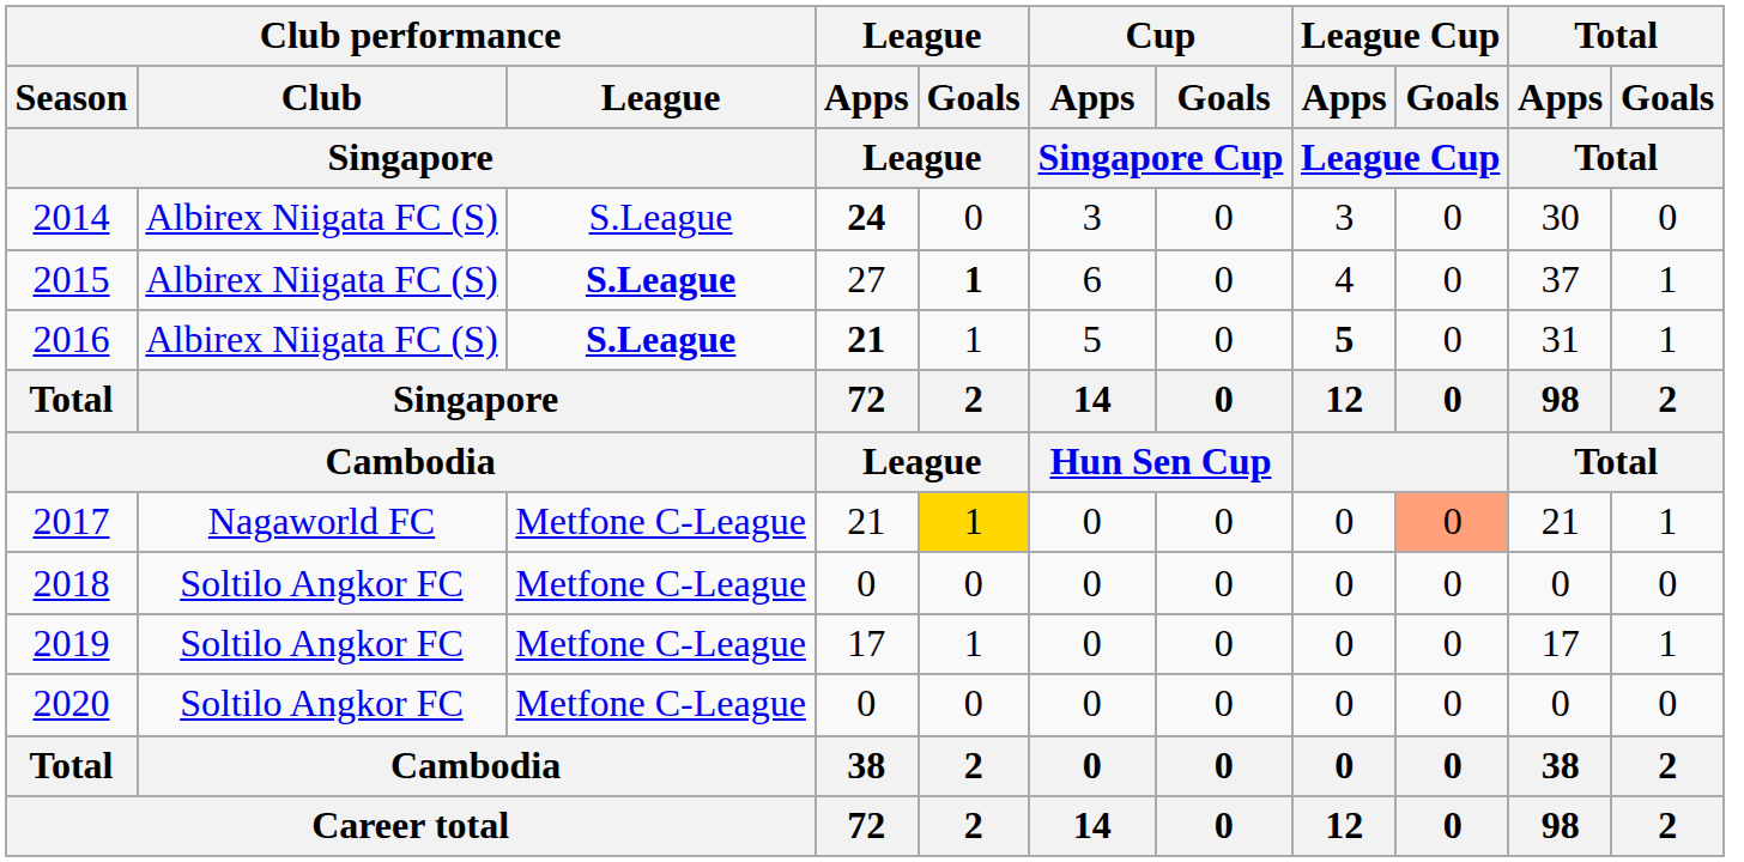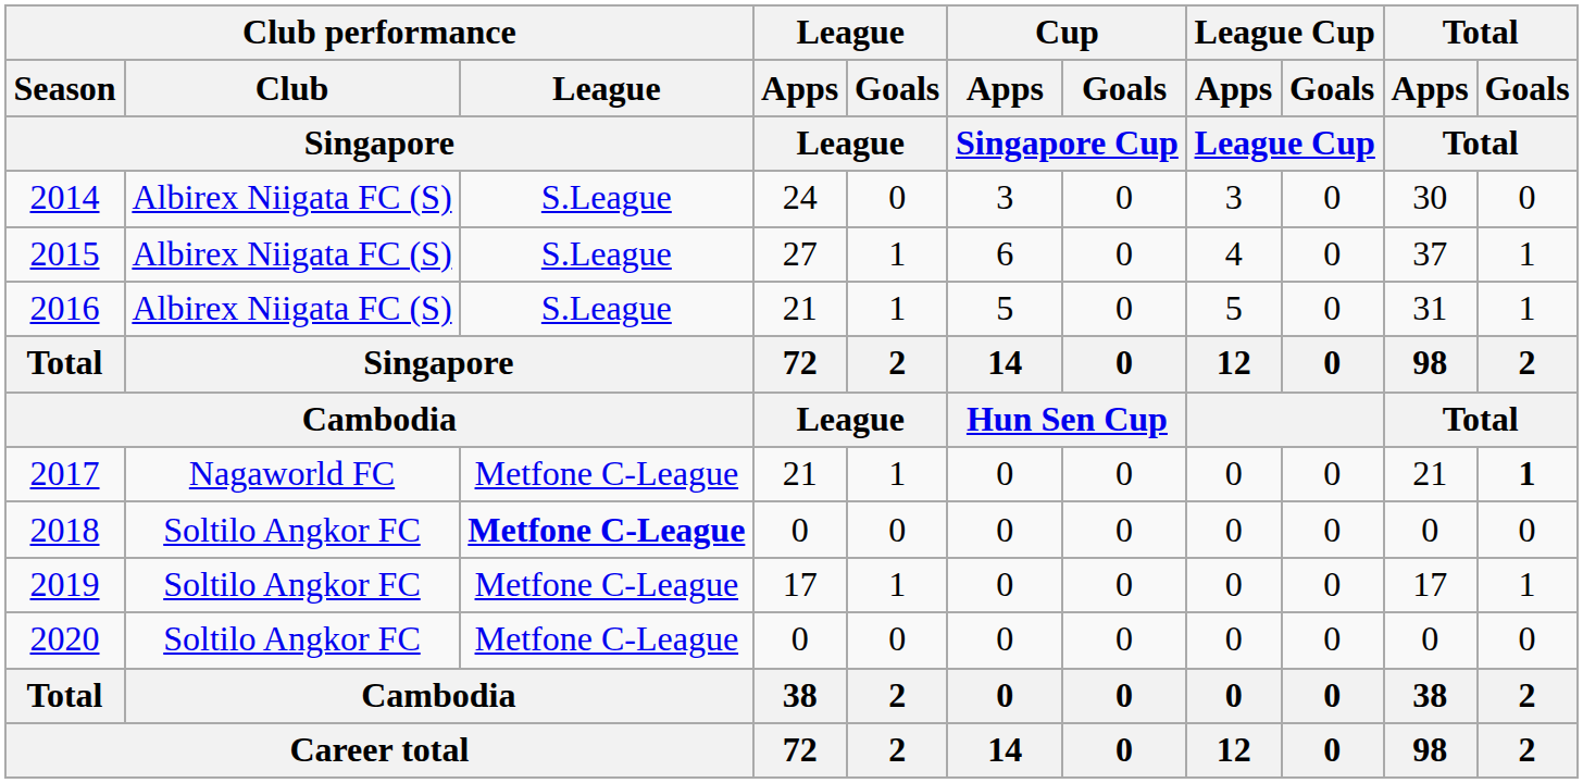 <table class="wikitable" style="text-align:center">
 <tr>
 <th colspan=3>Club performance</th>
 <th colspan=2>League</th>
 <th colspan=2>Cup</th>
 <th colspan=2>League Cup</th>
 <th colspan=2>Total</th>
 </tr>
 <tr>
 <th>Season</th>
 <th>Club</th>
 <th>League</th>
 <th>Apps</th>
 <th>Goals</th>
 <th>Apps</th>
 <th>Goals</th>
 <th>Apps</th>
 <th>Goals</th>
 <th>Apps</th>
 <th>Goals</th>
 </tr>
 <tr>
 <th colspan=3>Singapore</th>
 <th colspan=2>League</th>
 <th colspan=2><a href='#'>Singapore Cup</a></th>
 <th colspan=2><a href='#'>League Cup</a></th>
 <th colspan=2>Total</th>
 </tr>
 <tr>
 <td><a href='#'>2014</a></td>
 <td><a href='#'>Albirex Niigata FC (S)</a></td>
 <td><a href='#'>S.League</a></td>
-<td><strong>24</strong></td>
+<td>24</td>
 <td>0</td>
 <td>3</td>
 <td>0</td>
 <td>3</td>
 <td>0</td>
 <td>30</td>
 <td>0</td>
 </tr>
 <tr>
 <td><a href='#'>2015</a></td>
 <td><a href='#'>Albirex Niigata FC (S)</a></td>
-<td><strong><a href='#'>S.League</a></strong></td>
+<td><a href='#'>S.League</a></td>
 <td>27</td>
-<td><strong>1</strong></td>
+<td>1</td>
 <td>6</td>
 <td>0</td>
 <td>4</td>
 <td>0</td>
 <td>37</td>
 <td>1</td>
 </tr>
 <tr>
 <td><a href='#'>2016</a></td>
 <td><a href='#'>Albirex Niigata FC (S)</a></td>
-<td><strong><a href='#'>S.League</a></strong></td>
-<td><strong>21</strong></td>
+<td><a href='#'>S.League</a></td>
+<td>21</td>
 <td>1</td>
 <td>5</td>
 <td>0</td>
-<td><strong>5</strong></td>
+<td>5</td>
 <td>0</td>
 <td>31</td>
 <td>1</td>
 </tr>
 <tr>
 <th rowspan=2>Total</th>
 </tr>
 <tr>
 <th colspan=2>Singapore</th>
 <th>72</th>
 <th>2</th>
 <th>14</th>
 <th>0</th>
 <th>12</th>
 <th>0</th>
 <th>98</th>
 <th>2</th>
 </tr>
 <tr>
 <th colspan=3>Cambodia</th>
 <th colspan=2>League</th>
 <th colspan=2><a href='#'>Hun Sen Cup</a></th>
 <th colspan=2></th>
 <th colspan=2>Total</th>
 </tr>
 <tr>
 <td><a href='#'>2017</a></td>
 <td><a href='#'>Nagaworld FC</a></td>
 <td><a href='#'>Metfone C-League</a></td>
 <td>21</td>
-<td style="background: gold;">1</td>
+<td>1</td>
 <td>0</td>
 <td>0</td>
 <td>0</td>
-<td style="background: lightsalmon;">0</td>
+<td>0</td>
 <td>21</td>
-<td>1</td>
+<td><strong>1</strong></td>
 </tr>
 <tr>
 <td><a href='#'>2018</a></td>
 <td><a href='#'>Soltilo Angkor FC</a></td>
-<td><a href='#'>Metfone C-League</a></td>
+<td><strong><a href='#'>Metfone C-League</a></strong></td>
 <td>0</td>
 <td>0</td>
 <td>0</td>
 <td>0</td>
 <td>0</td>
 <td>0</td>
 <td>0</td>
 <td>0</td>
 </tr>
 <tr>
 <td><a href='#'>2019</a></td>
 <td><a href='#'>Soltilo Angkor FC</a></td>
 <td><a href='#'>Metfone C-League</a></td>
 <td>17</td>
 <td>1</td>
 <td>0</td>
 <td>0</td>
 <td>0</td>
 <td>0</td>
 <td>17</td>
 <td>1</td>
 </tr>
 <tr>
 <td><a href='#'>2020</a></td>
 <td><a href='#'>Soltilo Angkor FC</a></td>
 <td><a href='#'>Metfone C-League</a></td>
 <td>0</td>
 <td>0</td>
 <td>0</td>
 <td>0</td>
 <td>0</td>
 <td>0</td>
 <td>0</td>
 <td>0</td>
 </tr>
 <tr>
 <th rowspan=2>Total</th>
 </tr>
 <tr>
 <th colspan=2>Cambodia</th>
 <th>38</th>
 <th>2</th>
 <th>0</th>
 <th>0</th>
 <th>0</th>
 <th>0</th>
 <th>38</th>
 <th>2</th>
 </tr>
 <tr>
 <th colspan=3>Career total</th>
 <th>72</th>
 <th>2</th>
 <th>14</th>
 <th>0</th>
 <th>12</th>
 <th>0</th>
 <th>98</th>
 <th>2</th>
 </tr>
 </table>
